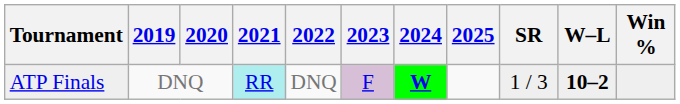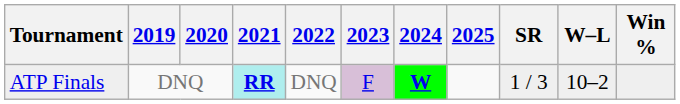 <table class="wikitable" style="text-align:center;font-size:96%;">
 <tr>
 <th>Tournament</th>
 <th><a href='#'>2019</a></th>
 <th><a href='#'>2020</a></th>
 <th><a href='#'>2021</a></th>
 <th><a href='#'>2022</a></th>
 <th><a href='#'>2023</a></th>
 <th><a href='#'>2024</a></th>
 <th><a href='#'>2025</a></th>
 <th width=35>SR</th>
 <th width=35>W–L</th>
 <th width=35>Win %</th>
 </tr>
 <tr>
 <td style="background:#efefef;" align=left><a href='#'>ATP Finals</a></td>
 <td colspan=2 style=color:#767676>DNQ</td>
-<td bgcolor=afeeee><a href='#'>RR</a></td>
+<td bgcolor=afeeee><strong><a href='#'>RR</a></strong></td>
 <td style=color:#767676>DNQ</td>
 <td bgcolor=thistle><a href='#'>F</a></td>
 <td bgcolor=lime><a href='#'><strong>W</strong></a></td>
 <td></td>
 <td bgcolor=efefef>1 / 3</td>
-<td bgcolor=efefef><strong>10–2</strong></td>
+<td bgcolor=efefef>10–2</td>
 <td bgcolor=efefef></td>
 </tr>
 </table>
